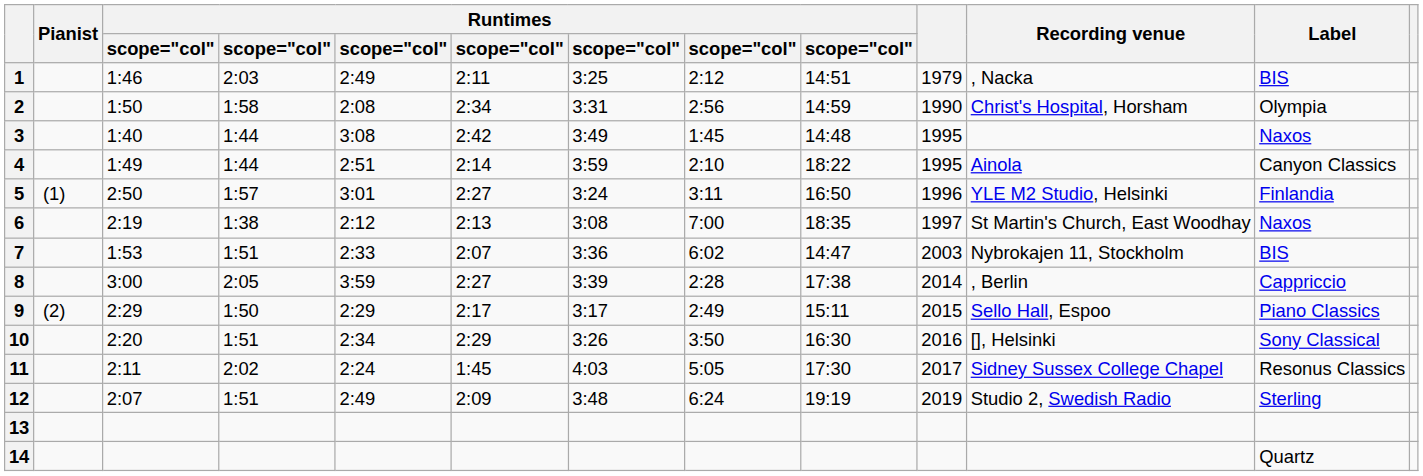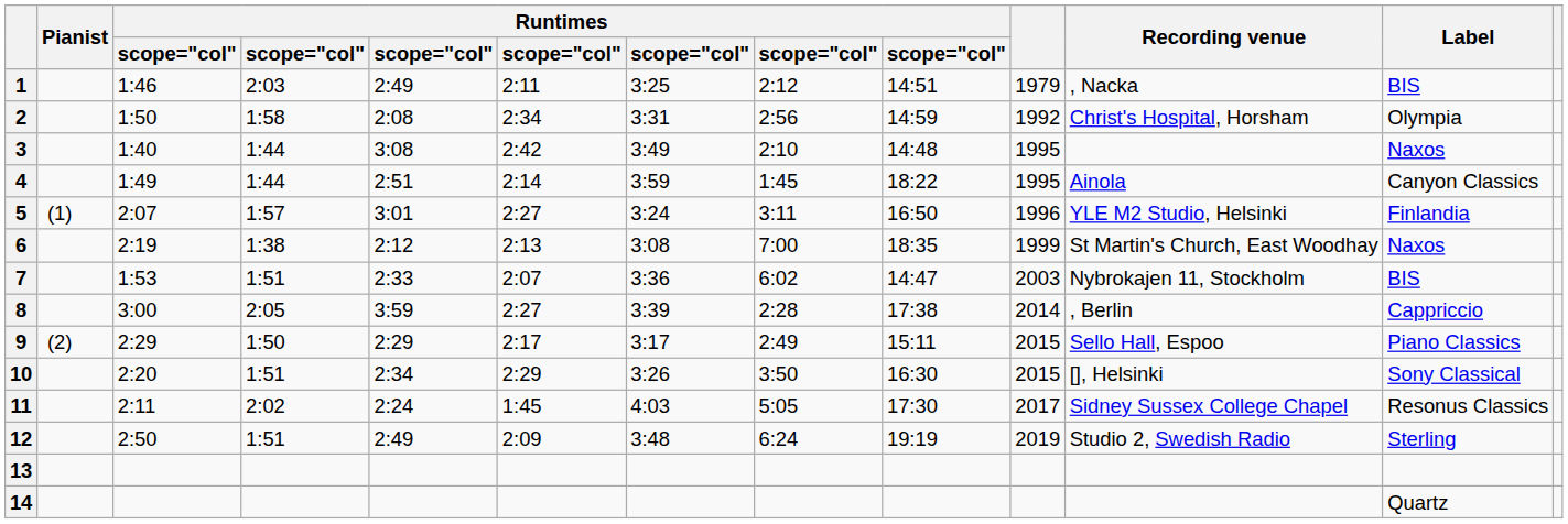 <table class="wikitable sortable" style="margin-right:0; font-size:95%">
 <tr>
 <th rowspan=2 scope="col"></th>
 <th rowspan=2 scope=col>Pianist</th>
 <th colspan=7 scope=col>Runtimes</th>
 <th rowspan=2 scope=col></th>
 <th rowspan=2 scope=col>Recording venue</th>
 <th rowspan=2 scope=col>Label</th>
 <th rowspan=2 scope=col class="unsortable"></th>
 </tr>
 <tr>
 <th>scope="col" </th>
 <th>scope="col" </th>
 <th>scope="col" </th>
 <th>scope="col" </th>
 <th>scope="col" </th>
 <th>scope="col" </th>
 <th>scope="col" </th>
 </tr>
 <tr>
 <th scope="row">1</th>
 <td></td>
 <td>1:46</td>
 <td>2:03</td>
 <td>2:49</td>
 <td>2:11</td>
 <td>3:25</td>
 <td>2:12</td>
 <td>14:51</td>
 <td>1979</td>
 <td>, Nacka</td>
 <td><a href='#'>BIS</a></td>
 <td></td>
 </tr>
 <tr>
 <th scope="row">2</th>
 <td></td>
 <td>1:50</td>
 <td>1:58</td>
 <td>2:08</td>
 <td>2:34</td>
 <td>3:31</td>
 <td>2:56</td>
 <td>14:59</td>
-<td>1990</td>
+<td>1992</td>
 <td><a href='#'>Christ's Hospital</a>, Horsham</td>
 <td>Olympia</td>
 <td></td>
 </tr>
 <tr>
 <th scope="row">3</th>
 <td></td>
 <td>1:40</td>
 <td>1:44</td>
 <td>3:08</td>
 <td>2:42</td>
 <td>3:49</td>
-<td>1:45</td>
+<td>2:10</td>
 <td>14:48</td>
 <td>1995</td>
 <td></td>
 <td><a href='#'>Naxos</a></td>
 <td></td>
 </tr>
 <tr>
 <th scope="row">4</th>
 <td></td>
 <td>1:49</td>
 <td>1:44</td>
 <td>2:51</td>
 <td>2:14</td>
 <td>3:59</td>
-<td>2:10</td>
+<td>1:45</td>
 <td>18:22</td>
 <td>1995</td>
 <td><a href='#'>Ainola</a></td>
 <td>Canyon Classics</td>
 <td></td>
 </tr>
 <tr>
 <th scope="row">5</th>
 <td> (1)</td>
-<td>2:50</td>
+<td>2:07</td>
 <td>1:57</td>
 <td>3:01</td>
 <td>2:27</td>
 <td>3:24</td>
 <td>3:11</td>
 <td>16:50</td>
 <td>1996</td>
 <td><a href='#'>YLE M2 Studio</a>, Helsinki</td>
 <td><a href='#'>Finlandia</a></td>
 <td></td>
 </tr>
 <tr>
 <th scope="row">6</th>
 <td></td>
 <td>2:19</td>
 <td>1:38</td>
 <td>2:12</td>
 <td>2:13</td>
 <td>3:08</td>
 <td>7:00</td>
 <td>18:35</td>
-<td>1997</td>
+<td>1999</td>
 <td>St Martin's Church, East Woodhay</td>
 <td><a href='#'>Naxos</a></td>
 <td></td>
 </tr>
 <tr>
 <th scope="row">7</th>
 <td></td>
 <td>1:53</td>
 <td>1:51</td>
 <td>2:33</td>
 <td>2:07</td>
 <td>3:36</td>
 <td>6:02</td>
 <td>14:47</td>
 <td>2003</td>
 <td>Nybrokajen 11, Stockholm</td>
 <td><a href='#'>BIS</a></td>
 <td></td>
 </tr>
 <tr>
 <th scope="row">8</th>
 <td></td>
 <td>3:00</td>
 <td>2:05</td>
 <td>3:59</td>
 <td>2:27</td>
 <td>3:39</td>
 <td>2:28</td>
 <td>17:38</td>
 <td>2014</td>
 <td>, Berlin</td>
 <td><a href='#'>Cappriccio</a></td>
 <td></td>
 </tr>
 <tr>
 <th scope="row">9</th>
 <td> (2)</td>
 <td>2:29</td>
 <td>1:50</td>
 <td>2:29</td>
 <td>2:17</td>
 <td>3:17</td>
 <td>2:49</td>
 <td>15:11</td>
 <td>2015</td>
 <td><a href='#'>Sello Hall</a>, Espoo</td>
 <td><a href='#'>Piano Classics</a></td>
 <td></td>
 </tr>
 <tr>
 <th scope="row">10</th>
 <td></td>
 <td>2:20</td>
 <td>1:51</td>
 <td>2:34</td>
 <td>2:29</td>
 <td>3:26</td>
 <td>3:50</td>
 <td>16:30</td>
-<td>2016</td>
+<td>2015</td>
 <td>[], Helsinki</td>
 <td><a href='#'>Sony Classical</a></td>
 <td></td>
 </tr>
 <tr>
 <th scope="row">11</th>
 <td></td>
 <td>2:11</td>
 <td>2:02</td>
 <td>2:24</td>
 <td>1:45</td>
 <td>4:03</td>
 <td>5:05</td>
 <td>17:30</td>
 <td>2017</td>
 <td><a href='#'>Sidney Sussex College Chapel</a></td>
 <td>Resonus Classics</td>
 <td></td>
 </tr>
 <tr>
 <th scope="row">12</th>
 <td></td>
-<td>2:07</td>
+<td>2:50</td>
 <td>1:51</td>
 <td>2:49</td>
 <td>2:09</td>
 <td>3:48</td>
 <td>6:24</td>
 <td>19:19</td>
 <td>2019</td>
 <td>Studio 2, <a href='#'>Swedish Radio</a></td>
 <td><a href='#'>Sterling</a></td>
 <td></td>
 </tr>
 <tr>
 <th scope="row">13</th>
 <td></td>
 <td></td>
 <td></td>
 <td></td>
 <td></td>
 <td></td>
 <td></td>
 <td></td>
 <td></td>
 <td></td>
 <td></td>
 <td></td>
 </tr>
 <tr>
 <th scope="row">14</th>
 <td></td>
 <td></td>
 <td></td>
 <td></td>
 <td></td>
 <td></td>
 <td></td>
 <td></td>
 <td></td>
 <td></td>
 <td>Quartz</td>
 <td></td>
 </tr>
 </table>
